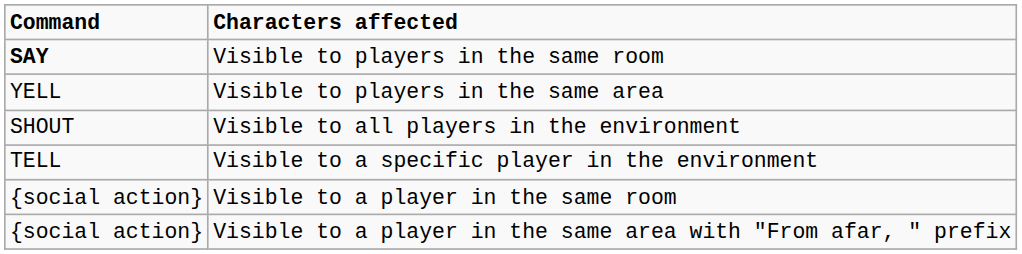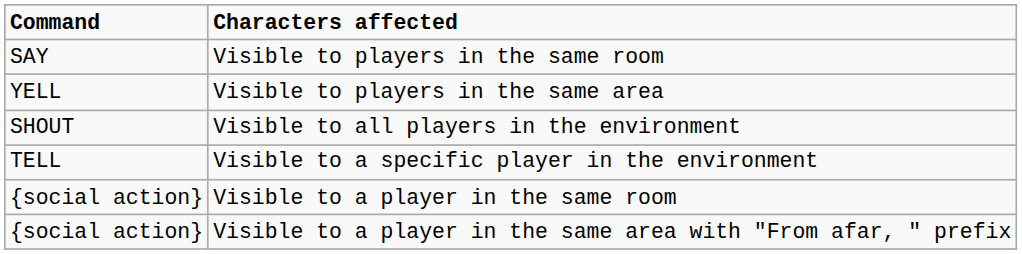 <table class="wikitable">
 <tr>
 <td><strong>Command</strong></td>
 <td><strong>Characters affected</strong></td>
 </tr>
 <tr>
-<td><strong>SAY</strong></td>
+<td>SAY</td>
 <td>Visible to players in the same room</td>
 </tr>
 <tr>
 <td>YELL</td>
 <td>Visible to players in the same area</td>
 </tr>
 <tr>
 <td>SHOUT</td>
 <td>Visible to all players in the environment</td>
 </tr>
 <tr>
 <td>TELL</td>
 <td>Visible to a specific player in the environment</td>
 </tr>
 <tr>
 <td>{social action}</td>
 <td>Visible to a player in the same room</td>
 </tr>
 <tr>
 <td>{social action}</td>
 <td>Visible to a player in the same area with "From afar, " prefix</td>
 </tr>
 </table>
